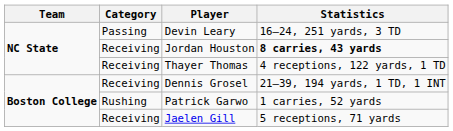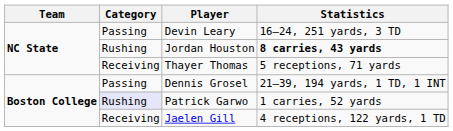 <table class="wikitable" style="float: left;">
 <tr>
 <th>Team</th>
 <th>Category</th>
 <th>Player</th>
 <th>Statistics</th>
 </tr>
 <tr>
 <td rowspan=3><strong>NC State</strong></td>
 <td>Passing</td>
 <td>Devin Leary</td>
 <td>16–24, 251 yards, 3 TD</td>
 </tr>
 <tr>
-<td>Receiving</td>
+<td>Rushing</td>
 <td>Jordan Houston</td>
 <td><strong>8 carries, 43 yards</strong></td>
 </tr>
 <tr>
 <td>Receiving</td>
 <td>Thayer Thomas</td>
-<td>4 receptions, 122 yards, 1 TD</td>
+<td>5 receptions, 71 yards</td>
 </tr>
 <tr>
 <td rowspan=3><strong>Boston College</strong></td>
-<td>Receiving</td>
+<td>Passing</td>
 <td>Dennis Grosel</td>
 <td>21–39, 194 yards, 1 TD, 1 INT</td>
 </tr>
 <tr>
-<td>Rushing</td>
+<td style="background: lavender;">Rushing</td>
 <td>Patrick Garwo</td>
 <td>1 carries, 52 yards</td>
 </tr>
 <tr>
 <td>Receiving</td>
 <td><a href='#'>Jaelen Gill</a></td>
-<td>5 receptions, 71 yards</td>
+<td>4 receptions, 122 yards, 1 TD</td>
 </tr>
 </table>
